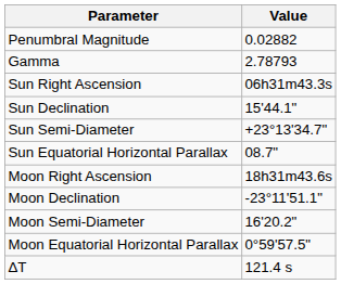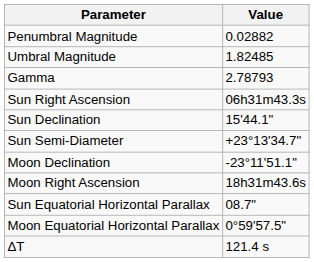 <table class="wikitable">
 <tr>
 <th>Parameter</th>
 <th>Value</th>
 </tr>
 <tr>
 <td>Penumbral Magnitude</td>
 <td>0.02882</td>
+</tr>
+<tr>
+<td>Umbral Magnitude</td>
+<td>1.82485</td>
 </tr>
 <tr>
 <td>Gamma</td>
 <td>2.78793</td>
 </tr>
 <tr>
 <td>Sun Right Ascension</td>
 <td>06h31m43.3s</td>
 </tr>
 <tr>
 <td>Sun Declination</td>
 <td>15'44.1"</td>
 </tr>
 <tr>
 <td>Sun Semi-Diameter</td>
 <td>+23°13'34.7"</td>
 </tr>
 <tr>
-<td>Sun Equatorial Horizontal Parallax</td>
-<td>08.7"</td>
+<td>Moon Declination</td>
+<td>-23°11'51.1"</td>
 </tr>
 <tr>
 <td>Moon Right Ascension</td>
 <td>18h31m43.6s</td>
 </tr>
 <tr>
-<td>Moon Declination</td>
-<td>-23°11'51.1"</td>
-</tr>
-<tr>
-<td>Moon Semi-Diameter</td>
-<td>16'20.2"</td>
+<td>Sun Equatorial Horizontal Parallax</td>
+<td>08.7"</td>
 </tr>
 <tr>
 <td>Moon Equatorial Horizontal Parallax</td>
 <td>0°59'57.5"</td>
 </tr>
 <tr>
 <td>ΔT</td>
 <td>121.4 s</td>
 </tr>
 </table>
